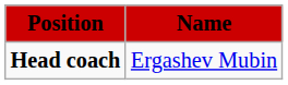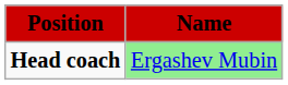 <table class="wikitable" style="font-size:90%;">
 <tr>
 <th style="background-color:#CC0000;"><span>Position</span></th>
 <th style="background-color:#CC0000;"><span>Name</span></th>
 </tr>
 <tr>
 <td><strong>Head coach</strong></td>
-<td align="left"> <a href='#'>Ergashev Mubin</a><br></td>
+<td align="left" style="background: lightgreen;"> <a href='#'>Ergashev Mubin</a><br></td>
 </tr>
 </table>
